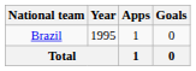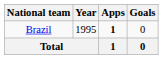 <table class="wikitable" style="text-align:center">
 <tr>
 <th>National team</th>
 <th>Year</th>
 <th>Apps</th>
 <th>Goals</th>
 </tr>
 <tr>
 <td><a href='#'>Brazil</a></td>
 <td>1995</td>
-<td>1</td>
+<td><strong>1</strong></td>
 <td>0</td>
 </tr>
 <tr>
 <th colspan="2">Total</th>
 <th>1</th>
 <th>0</th>
 </tr>
 </table>
